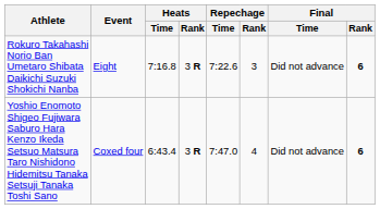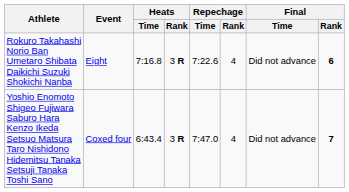 <table class="wikitable" style="font-size:90%">
 <tr>
 <th rowspan="2">Athlete</th>
 <th rowspan="2">Event</th>
 <th colspan="2">Heats</th>
 <th colspan="2">Repechage</th>
 <th colspan="2">Final</th>
 </tr>
 <tr style="font-size:95%">
 <th>Time</th>
 <th>Rank</th>
 <th>Time</th>
 <th>Rank</th>
 <th>Time</th>
 <th>Rank</th>
 </tr>
 <tr align=center>
 <td align=left><a href='#'>Rokuro Takahashi</a><br><a href='#'>Norio Ban</a><br><a href='#'>Umetaro Shibata</a><br><a href='#'>Daikichi Suzuki</a><br><a href='#'>Shokichi Nanba</a></td>
 <td align=left><a href='#'>Eight</a></td>
 <td>7:16.8</td>
 <td>3 <strong>R</strong></td>
 <td>7:22.6</td>
-<td>3</td>
+<td>4</td>
 <td>Did not advance</td>
 <td><strong>6</strong></td>
 </tr>
 <tr align=center>
 <td align=left><a href='#'>Yoshio Enomoto</a><br><a href='#'>Shigeo Fujiwara</a><br><a href='#'>Saburo Hara</a><br><a href='#'>Kenzo Ikeda</a><br><a href='#'>Setsuo Matsura</a><br><a href='#'>Taro Nishidono</a><br><a href='#'>Hidemitsu Tanaka</a><br><a href='#'>Setsuji Tanaka</a><br><a href='#'>Toshi Sano</a></td>
 <td align=left><a href='#'>Coxed four</a></td>
 <td>6:43.4</td>
 <td>3 <strong>R</strong></td>
 <td>7:47.0</td>
 <td>4</td>
 <td>Did not advance</td>
-<td><strong>6</strong></td>
+<td><strong>7</strong></td>
 </tr>
 </table>
